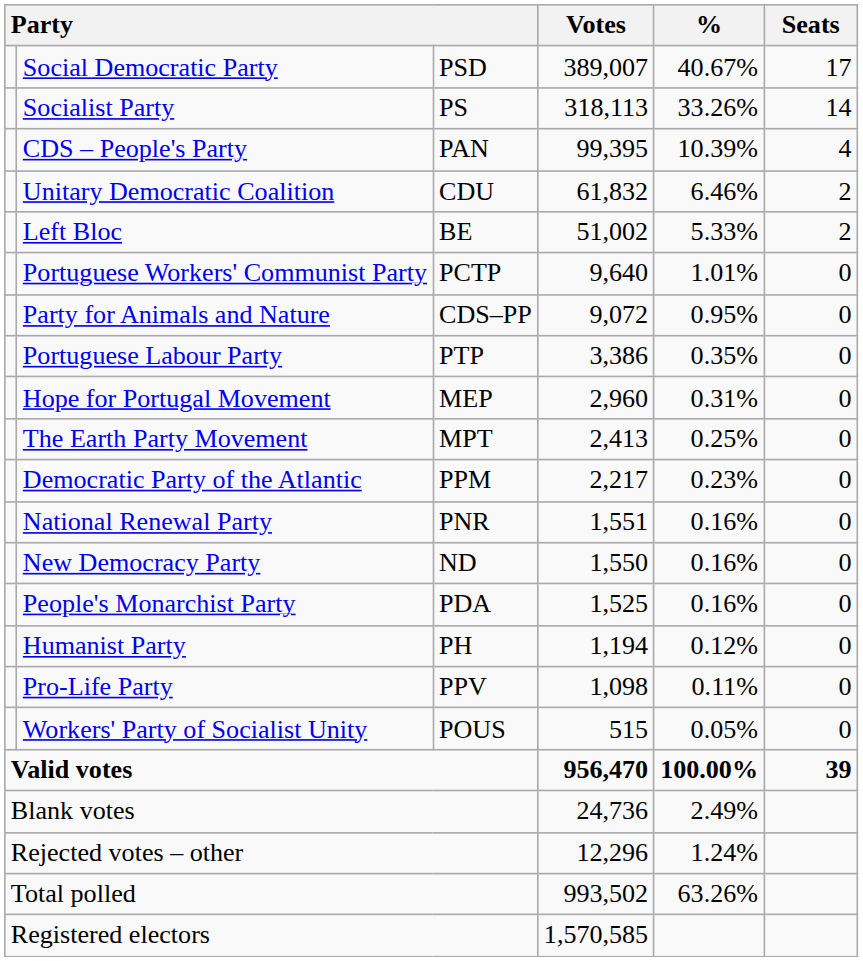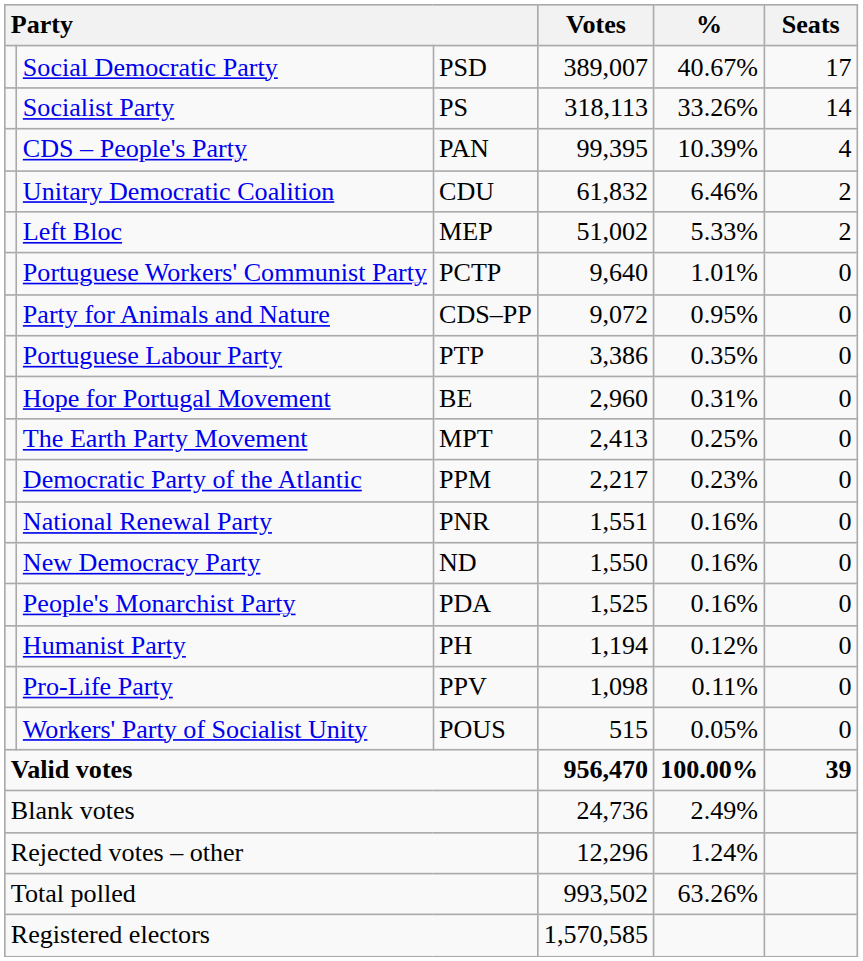 <table class="wikitable" border="1" style="text-align:right;">
 <tr>
 <th style="text-align:left;" colspan=3>Party</th>
 <th align=center width="50">Votes</th>
 <th align=center width="50">%</th>
 <th align=center width="50">Seats</th>
 </tr>
 <tr>
 <td></td>
 <td align=left><a href='#'>Social Democratic Party</a></td>
 <td align=left>PSD</td>
 <td>389,007</td>
 <td>40.67%</td>
 <td>17</td>
 </tr>
 <tr>
 <td></td>
 <td align=left><a href='#'>Socialist Party</a></td>
 <td align=left>PS</td>
 <td>318,113</td>
 <td>33.26%</td>
 <td>14</td>
 </tr>
 <tr>
 <td></td>
 <td align=left><a href='#'>CDS – People's Party</a></td>
 <td align=left>PAN</td>
 <td>99,395</td>
 <td>10.39%</td>
 <td>4</td>
 </tr>
 <tr>
 <td></td>
 <td align=left style="white-space: nowrap;"><a href='#'>Unitary Democratic Coalition</a></td>
 <td align=left>CDU</td>
 <td>61,832</td>
 <td>6.46%</td>
 <td>2</td>
 </tr>
 <tr>
 <td></td>
 <td align=left><a href='#'>Left Bloc</a></td>
-<td align=left>BE</td>
+<td align=left>MEP</td>
 <td>51,002</td>
 <td>5.33%</td>
 <td>2</td>
 </tr>
 <tr>
 <td></td>
 <td align=left><a href='#'>Portuguese Workers' Communist Party</a></td>
 <td align=left>PCTP</td>
 <td>9,640</td>
 <td>1.01%</td>
 <td>0</td>
 </tr>
 <tr>
 <td></td>
 <td align=left><a href='#'>Party for Animals and Nature</a></td>
 <td align=left style="white-space: nowrap;">CDS–PP</td>
 <td>9,072</td>
 <td>0.95%</td>
 <td>0</td>
 </tr>
 <tr>
 <td></td>
 <td align=left><a href='#'>Portuguese Labour Party</a></td>
 <td align=left>PTP</td>
 <td>3,386</td>
 <td>0.35%</td>
 <td>0</td>
 </tr>
 <tr>
 <td></td>
 <td align=left><a href='#'>Hope for Portugal Movement</a></td>
-<td align=left>MEP</td>
+<td align=left>BE</td>
 <td>2,960</td>
 <td>0.31%</td>
 <td>0</td>
 </tr>
 <tr>
 <td></td>
 <td align=left><a href='#'>The Earth Party Movement</a></td>
 <td align=left>MPT</td>
 <td>2,413</td>
 <td>0.25%</td>
 <td>0</td>
 </tr>
 <tr>
 <td></td>
 <td align=left><a href='#'>Democratic Party of the Atlantic</a></td>
 <td align=left>PPM</td>
 <td>2,217</td>
 <td>0.23%</td>
 <td>0</td>
 </tr>
 <tr>
 <td></td>
 <td align=left><a href='#'>National Renewal Party</a></td>
 <td align=left>PNR</td>
 <td>1,551</td>
 <td>0.16%</td>
 <td>0</td>
 </tr>
 <tr>
 <td></td>
 <td align=left><a href='#'>New Democracy Party</a></td>
 <td align=left>ND</td>
 <td>1,550</td>
 <td>0.16%</td>
 <td>0</td>
 </tr>
 <tr>
 <td></td>
 <td align=left><a href='#'>People's Monarchist Party</a></td>
 <td align=left>PDA</td>
 <td>1,525</td>
 <td>0.16%</td>
 <td>0</td>
 </tr>
 <tr>
 <td></td>
 <td align=left><a href='#'>Humanist Party</a></td>
 <td align=left>PH</td>
 <td>1,194</td>
 <td>0.12%</td>
 <td>0</td>
 </tr>
 <tr>
 <td></td>
 <td align=left><a href='#'>Pro-Life Party</a></td>
 <td align=left>PPV</td>
 <td>1,098</td>
 <td>0.11%</td>
 <td>0</td>
 </tr>
 <tr>
 <td></td>
 <td align=left><a href='#'>Workers' Party of Socialist Unity</a></td>
 <td align=left>POUS</td>
 <td>515</td>
 <td>0.05%</td>
 <td>0</td>
 </tr>
 <tr style="font-weight:bold">
 <td align=left colspan=3>Valid votes</td>
 <td>956,470</td>
 <td>100.00%</td>
 <td>39</td>
 </tr>
 <tr>
 <td align=left colspan=3>Blank votes</td>
 <td>24,736</td>
 <td>2.49%</td>
 <td></td>
 </tr>
 <tr>
 <td align=left colspan=3>Rejected votes – other</td>
 <td>12,296</td>
 <td>1.24%</td>
 <td></td>
 </tr>
 <tr>
 <td align=left colspan=3>Total polled</td>
 <td>993,502</td>
 <td>63.26%</td>
 <td></td>
 </tr>
 <tr>
 <td align=left colspan=3>Registered electors</td>
 <td>1,570,585</td>
 <td></td>
 <td></td>
 </tr>
 </table>
